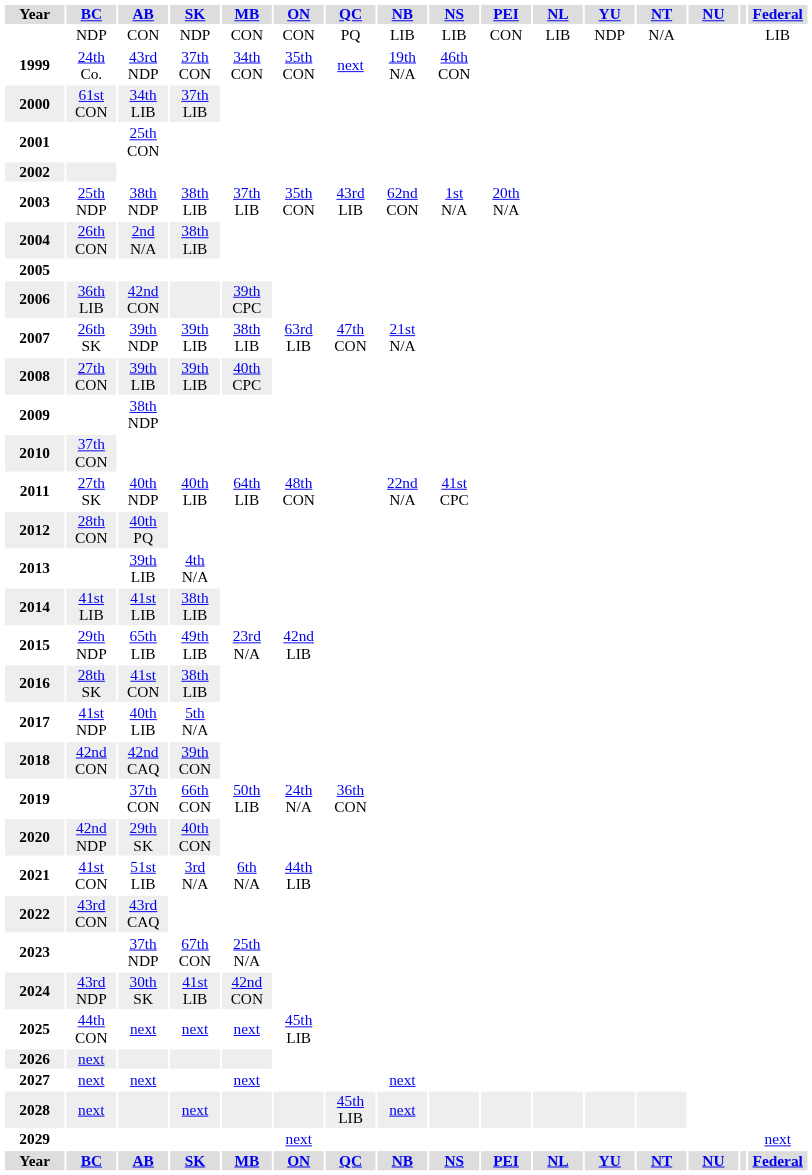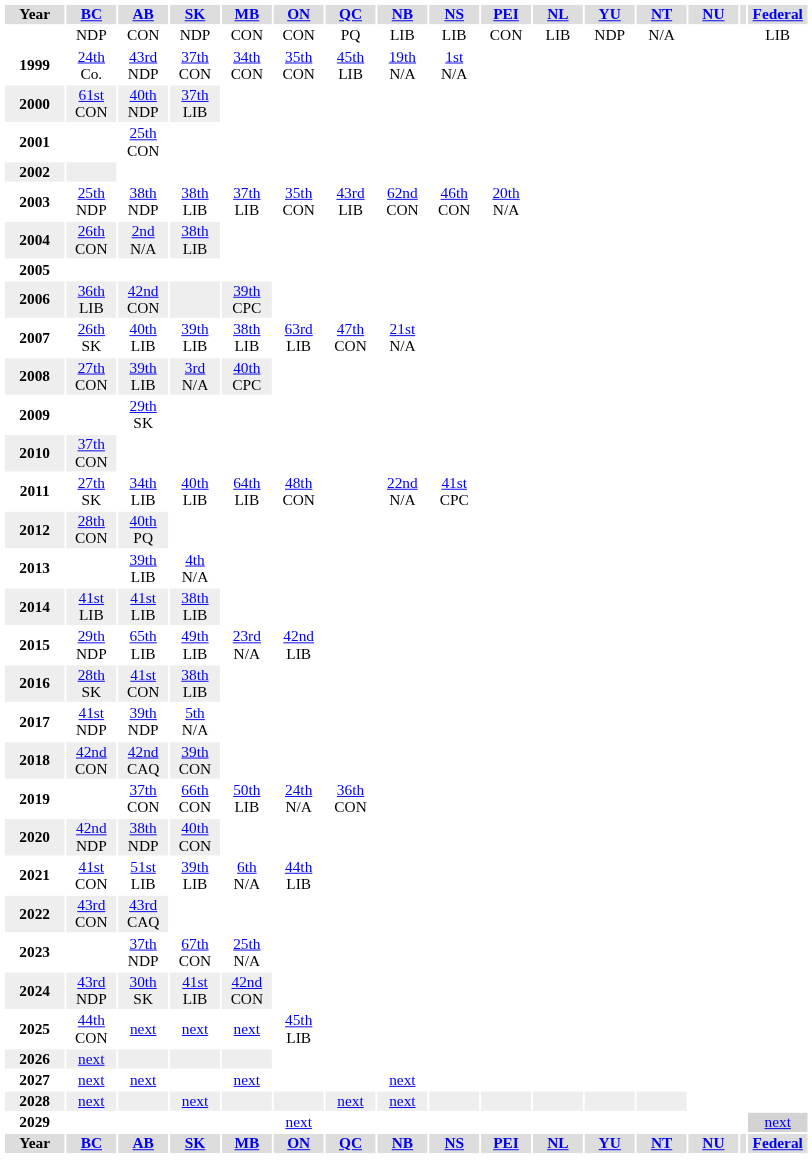 <table class="toccolours" style="text-align:center;">
 <tr bgcolor="#dddddd">
 <th width=60>Year</th>
 <th width=50><a href='#'>BC</a></th>
 <th width=50><a href='#'>AB</a></th>
 <th width=50><a href='#'>SK</a></th>
 <th width=50><a href='#'>MB</a></th>
 <th width=50><a href='#'>ON</a></th>
 <th width=50><a href='#'>QC</a></th>
 <th width=50><a href='#'>NB</a></th>
 <th width=50><a href='#'>NS</a></th>
 <th width=50><a href='#'>PEI</a></th>
 <th width=50><a href='#'>NL</a></th>
 <th width=50><a href='#'>YU</a></th>
 <th width=50><a href='#'>NT</a></th>
 <th width=50><a href='#'>NU</a></th>
 <th> </th>
 <th width=60><a href='#'>Federal</a></th>
 </tr>
 <tr>
 <td height=5></td>
 <td>NDP</td>
 <td>CON</td>
 <td>NDP</td>
 <td>CON</td>
 <td>CON</td>
 <td>PQ</td>
 <td>LIB</td>
 <td>LIB</td>
 <td>CON</td>
 <td>LIB</td>
 <td>NDP</td>
 <td>N/A</td>
 <td bgcolor=white rowspan=1></td>
 <td rowspan=31></td>
 <td>LIB</td>
 </tr>
 <tr>
 <th>1999</th>
 <td valign="top" ><a href='#'>24th</a><br>Co.</td>
 <td valign="top" ><a href='#'>43rd</a><br>NDP</td>
 <td valign="top" ><a href='#'>37th</a><br>CON</td>
 <td valign="top" ><a href='#'>34th</a><br>CON</td>
 <td valign="top" ><a href='#'>35th</a><br>CON</td>
-<td><a href='#'>next</a></td>
+<td valign="top" ><a href='#'>45th</a><br>LIB</td>
 <td valign="top" ><a href='#'>19th</a><br>N/A</td>
-<td valign="top" ><a href='#'>46th</a><br>CON</td>
+<td valign="top" ><a href='#'>1st</a><br>N/A</td>
 </tr>
 <tr bgcolor=#eeeeee>
 <th>2000</th>
 <td valign="top" ><a href='#'>61st</a><br>CON</td>
-<td valign="top" ><a href='#'>34th</a><br>LIB</td>
+<td valign="top" ><a href='#'>40th</a><br>NDP</td>
 <td valign="top" ><a href='#'>37th</a><br>LIB</td>
 </tr>
 <tr>
 <th>2001</th>
 <td valign="top" ><a href='#'></a></td>
 <td valign="top" ><a href='#'>25th</a><br>CON</td>
 </tr>
 <tr bgcolor=#eeeeee>
 <th>2002</th>
 <td valign="top" ><a href='#'></a></td>
 </tr>
 <tr>
 <th>2003</th>
 <td valign="top" ><a href='#'>25th</a><br>NDP</td>
 <td valign="top" ><a href='#'>38th</a><br>NDP</td>
 <td valign="top" ><a href='#'>38th</a><br>LIB</td>
 <td valign="top" ><a href='#'>37th</a><br>LIB</td>
 <td valign="top" ><a href='#'>35th</a><br>CON</td>
 <td valign="top" ><a href='#'>43rd</a><br>LIB</td>
 <td valign="top" ><a href='#'>62nd</a><br>CON</td>
-<td valign="top" ><a href='#'>1st</a><br>N/A</td>
+<td valign="top" ><a href='#'>46th</a><br>CON</td>
 <td valign="top" ><a href='#'>20th</a><br>N/A</td>
 </tr>
 <tr bgcolor=#eeeeee>
 <th>2004</th>
 <td valign="top" ><a href='#'>26th</a><br>CON</td>
 <td valign="top" ><a href='#'>2nd</a><br>N/A</td>
 <td valign="top" ><a href='#'>38th</a><br>LIB</td>
 </tr>
 <tr>
 <th>2005</th>
 <td valign="top" ><a href='#'></a></td>
 </tr>
 <tr bgcolor=#eeeeee>
 <th>2006</th>
 <td valign="top" ><a href='#'>36th</a><br>LIB</td>
 <td valign="top" ><a href='#'>42nd</a><br>CON</td>
 <td valign="top" ><a href='#'></a></td>
 <td valign="top" ><a href='#'>39th</a><br>CPC</td>
 </tr>
 <tr>
 <th>2007</th>
 <td valign="top" ><a href='#'>26th</a><br>SK</td>
-<td valign="top" ><a href='#'>39th</a><br>NDP</td>
+<td valign="top" ><a href='#'>40th</a><br>LIB</td>
 <td valign="top" ><a href='#'>39th</a><br>LIB</td>
 <td valign="top" ><a href='#'>38th</a><br>LIB</td>
 <td valign="top" ><a href='#'>63rd</a><br>LIB</td>
 <td valign="top" ><a href='#'>47th</a><br>CON</td>
 <td valign="top" ><a href='#'>21st</a><br>N/A</td>
 </tr>
 <tr bgcolor=#eeeeee>
 <th>2008</th>
 <td valign="top" ><a href='#'>27th</a><br>CON</td>
 <td valign="top" ><a href='#'>39th</a><br>LIB</td>
-<td valign="top" ><a href='#'>39th</a><br>LIB</td>
+<td valign="top" ><a href='#'>3rd</a><br>N/A</td>
 <td valign="top" ><a href='#'>40th</a><br>CPC</td>
 </tr>
 <tr>
 <th>2009</th>
 <td valign="top" ><a href='#'></a></td>
-<td valign="top" ><a href='#'>38th</a><br>NDP</td>
+<td valign="top" ><a href='#'>29th</a><br>SK</td>
 </tr>
 <tr bgcolor=#eeeeee>
 <th>2010</th>
 <td valign="top" ><a href='#'>37th</a><br>CON</td>
 </tr>
 <tr>
 <th>2011</th>
 <td valign="top" ><a href='#'>27th</a><br>SK</td>
-<td valign="top" ><a href='#'>40th</a><br>NDP</td>
+<td valign="top" ><a href='#'>34th</a><br>LIB</td>
 <td valign="top" ><a href='#'>40th</a><br>LIB</td>
 <td valign="top" ><a href='#'>64th</a><br>LIB</td>
 <td valign="top" ><a href='#'>48th</a><br>CON</td>
 <td valign="top" ><a href='#'></a></td>
 <td valign="top" ><a href='#'>22nd</a><br>N/A</td>
 <td valign="top" ><a href='#'>41st</a><br>CPC</td>
 </tr>
 <tr bgcolor=#eeeeee>
 <th>2012</th>
 <td valign="top" ><a href='#'>28th</a><br>CON</td>
 <td valign="top" ><a href='#'>40th</a><br>PQ</td>
 </tr>
 <tr>
 <th>2013</th>
 <td valign="top" ><a href='#'></a></td>
 <td valign="top" ><a href='#'>39th</a><br>LIB</td>
 <td valign="top" ><a href='#'>4th</a><br>N/A</td>
 </tr>
 <tr bgcolor=#eeeeee>
 <th>2014</th>
 <td valign="top" ><a href='#'>41st</a><br>LIB</td>
 <td valign="top" ><a href='#'>41st</a><br>LIB</td>
 <td valign="top" ><a href='#'>38th</a><br>LIB</td>
 </tr>
 <tr>
 <th>2015</th>
 <td valign="top" ><a href='#'>29th</a><br>NDP</td>
 <td valign="top" ><a href='#'>65th</a><br>LIB</td>
 <td valign="top" ><a href='#'>49th</a><br>LIB</td>
 <td valign="top" ><a href='#'>23rd</a><br>N/A</td>
 <td valign="top" ><a href='#'>42nd</a><br>LIB</td>
 </tr>
 <tr bgcolor=#eeeeee>
 <th>2016</th>
 <td valign="top" ><a href='#'>28th</a><br>SK</td>
 <td valign="top" ><a href='#'>41st</a><br>CON</td>
 <td valign="top" ><a href='#'>38th</a><br>LIB</td>
 </tr>
 <tr>
 <th>2017</th>
 <td valign="top" ><a href='#'>41st</a><br>NDP</td>
-<td valign="top" ><a href='#'>40th</a><br>LIB</td>
+<td valign="top" ><a href='#'>39th</a><br>NDP</td>
 <td valign="top" ><a href='#'>5th</a><br>N/A</td>
 </tr>
 <tr bgcolor=#eeeeee>
 <th>2018</th>
 <td valign="top" ><a href='#'>42nd</a><br>CON</td>
 <td valign="top" ><a href='#'>42nd</a><br>CAQ</td>
 <td valign="top" ><a href='#'>39th</a><br>CON</td>
 </tr>
 <tr>
 <th>2019</th>
 <td valign="top" ><a href='#'></a></td>
 <td valign="top" ><a href='#'>37th</a><br>CON</td>
 <td valign="top" ><a href='#'>66th</a><br>CON</td>
 <td valign="top" ><a href='#'>50th</a><br>LIB</td>
 <td valign="top" ><a href='#'>24th</a><br>N/A</td>
 <td valign="top" ><a href='#'>36th</a><br>CON</td>
 </tr>
 <tr bgcolor=#eeeeee>
 <th>2020</th>
 <td valign="top" ><a href='#'>42nd</a><br>NDP</td>
-<td valign="top" ><a href='#'>29th</a><br>SK</td>
+<td valign="top" ><a href='#'>38th</a><br>NDP</td>
 <td valign="top" ><a href='#'>40th</a><br>CON</td>
 </tr>
 <tr>
 <th>2021</th>
 <td valign="top" ><a href='#'>41st</a><br>CON</td>
 <td valign="top" ><a href='#'>51st</a><br>LIB</td>
-<td valign="top" ><a href='#'>3rd</a><br>N/A</td>
+<td valign="top" ><a href='#'>39th</a><br>LIB</td>
 <td valign="top" ><a href='#'>6th</a><br>N/A</td>
 <td valign="top" ><a href='#'>44th</a><br>LIB</td>
 </tr>
 <tr bgcolor=#eeeeee>
 <th>2022</th>
 <td valign="top" ><a href='#'>43rd</a><br>CON</td>
 <td valign="top" ><a href='#'>43rd</a><br>CAQ</td>
 </tr>
 <tr>
 <th>2023</th>
 <td valign="top" ><a href='#'></a></td>
 <td valign="top" ><a href='#'>37th</a><br>NDP</td>
 <td valign="top" ><a href='#'>67th</a><br>CON</td>
 <td valign="top" ><a href='#'>25th</a><br>N/A</td>
 </tr>
 <tr bgcolor=#eeeeee>
 <th>2024</th>
 <td valign="top" ><a href='#'>43rd</a><br>NDP</td>
 <td valign="top" ><a href='#'>30th</a><br>SK</td>
 <td valign="top" ><a href='#'>41st</a><br>LIB</td>
 <td valign="top" ><a href='#'>42nd</a><br>CON</td>
 </tr>
 <tr>
 <th>2025</th>
 <td valign="top" ><a href='#'>44th</a><br>CON</td>
 <td><a href='#'>next</a></td>
 <td><a href='#'>next</a></td>
 <td><a href='#'>next</a></td>
 <td valign="top" ><a href='#'>45th</a><br>LIB</td>
 </tr>
 <tr bgcolor=#eeeeee>
 <th>2026</th>
 <td><a href='#'>next</a></td>
 <td></td>
 <td></td>
 <td></td>
 </tr>
 <tr>
 <th>2027</th>
 <td><a href='#'>next</a></td>
 <td><a href='#'>next</a></td>
 <td></td>
 <td><a href='#'>next</a></td>
 <td></td>
 <td></td>
 <td><a href='#'>next</a></td>
 <td></td>
 </tr>
 <tr bgcolor=#eeeeee>
 <th>2028</th>
 <td><a href='#'>next</a></td>
 <td></td>
 <td><a href='#'>next</a></td>
 <td></td>
 <td></td>
-<td valign="top" ><a href='#'>45th</a><br>LIB</td>
+<td><a href='#'>next</a></td>
 <td><a href='#'>next</a></td>
 <td></td>
 <td></td>
 <td></td>
 <td></td>
 <td></td>
 </tr>
 <tr>
 <th>2029</th>
 <td></td>
 <td></td>
 <td></td>
 <td></td>
 <td><a href='#'>next</a></td>
 <td></td>
 <td></td>
 <td></td>
 <td></td>
 <td></td>
 <td></td>
 <td></td>
 <td></td>
 <td></td>
-<td><a href='#'>next</a></td>
+<td style="background: lightgrey;"><a href='#'>next</a></td>
 </tr>
 <tr bgcolor="#dddddd">
 <th width=60>Year</th>
 <th width=50><a href='#'>BC</a></th>
 <th width=50><a href='#'>AB</a></th>
 <th width=50><a href='#'>SK</a></th>
 <th width=50><a href='#'>MB</a></th>
 <th width=50><a href='#'>ON</a></th>
 <th width=50><a href='#'>QC</a></th>
 <th width=50><a href='#'>NB</a></th>
 <th width=50><a href='#'>NS</a></th>
 <th width=50><a href='#'>PEI</a></th>
 <th width=50><a href='#'>NL</a></th>
 <th width=50><a href='#'>YU</a></th>
 <th width=50><a href='#'>NT</a></th>
 <th width=50><a href='#'>NU</a></th>
 <th> </th>
 <th width=60><a href='#'>Federal</a></th>
 </tr>
 </table>
